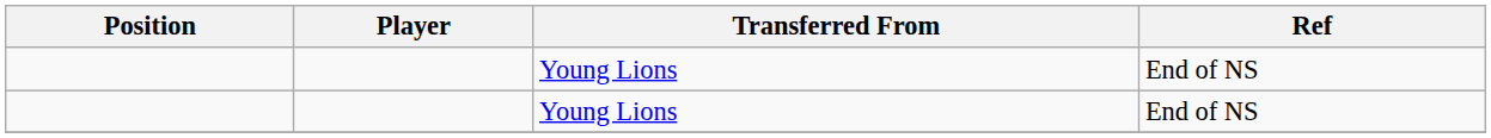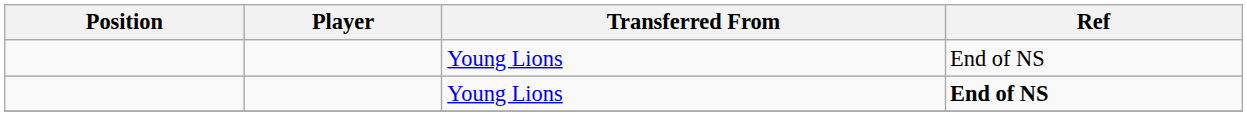 <table class="wikitable sortable" style="width:70%; text-align:center; font-size:100%; text-align:left;">
 <tr>
 <th><strong>Position</strong></th>
 <th><strong>Player</strong></th>
 <th><strong>Transferred From</strong></th>
 <th><strong>Ref</strong></th>
 </tr>
 <tr>
 <td></td>
 <td></td>
 <td> <a href='#'>Young Lions</a></td>
 <td>End of NS </td>
 </tr>
 <tr>
 <td></td>
 <td></td>
 <td> <a href='#'>Young Lions</a></td>
-<td>End of NS </td>
+<td><strong>End of NS </strong></td>
 </tr>
 <tr>
 </tr>
 </table>
